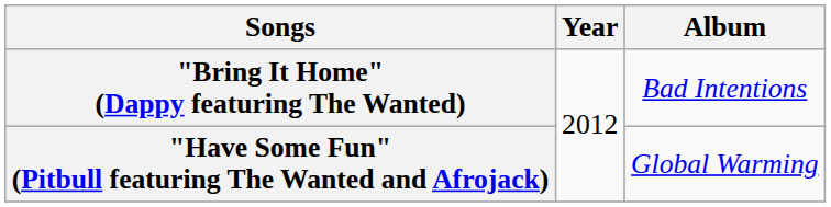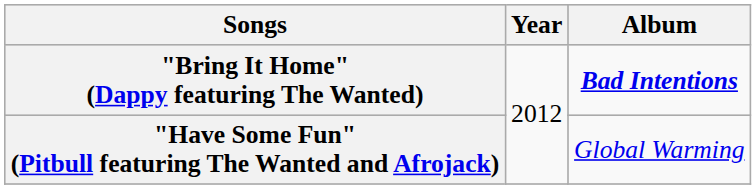 <table class="wikitable plainrowheaders" style="text-align:center;">
 <tr>
 <th scope="col">Songs</th>
 <th scope="col">Year</th>
 <th scope="col">Album</th>
 </tr>
 <tr>
 <th scope="row">"Bring It Home"<br><span>(<a href='#'>Dappy</a> featuring The Wanted)</span></th>
 <td rowspan="2">2012</td>
-<td><em><a href='#'>Bad Intentions</a></em></td>
+<td><strong><em><a href='#'>Bad Intentions</a></em></strong></td>
 </tr>
 <tr>
 <th scope="row">"Have Some Fun"<br><span>(<a href='#'>Pitbull</a> featuring The Wanted and <a href='#'>Afrojack</a>)</span></th>
 <td><em><a href='#'>Global Warming</a></em></td>
 </tr>
 </table>
